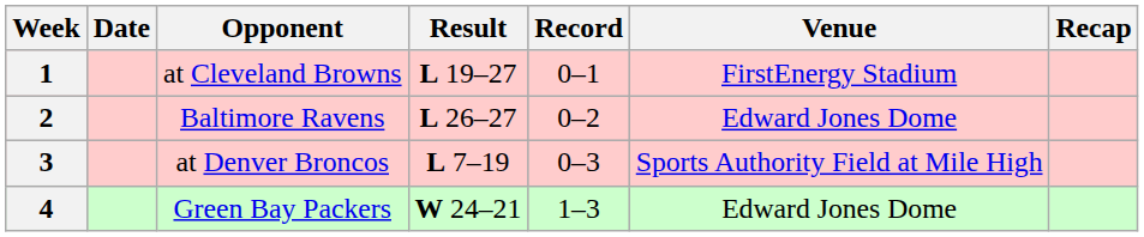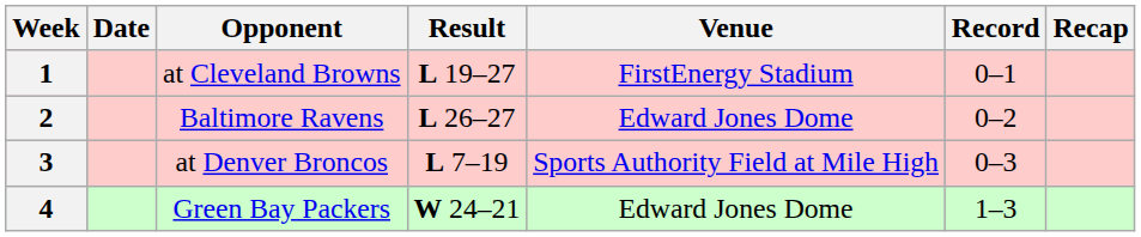 <table class="wikitable" style="text-align:center">
 <tr>
 <th>Week</th>
 <th>Date</th>
 <th>Opponent</th>
 <th>Result</th>
+<th>Venue</th>
 <th>Record</th>
-<th>Venue</th>
 <th>Recap</th>
 </tr>
 <tr style="background:#fcc">
 <th>1</th>
 <td></td>
 <td>at <a href='#'>Cleveland Browns</a></td>
 <td><strong>L</strong> 19–27</td>
+<td><a href='#'>FirstEnergy Stadium</a></td>
 <td>0–1</td>
-<td><a href='#'>FirstEnergy Stadium</a></td>
 <td></td>
 </tr>
 <tr style="background:#fcc">
 <th>2</th>
 <td></td>
 <td><a href='#'>Baltimore Ravens</a></td>
 <td><strong>L</strong> 26–27</td>
+<td><a href='#'>Edward Jones Dome</a></td>
 <td>0–2</td>
-<td><a href='#'>Edward Jones Dome</a></td>
 <td></td>
 </tr>
 <tr style="background:#fcc">
 <th>3</th>
 <td></td>
 <td>at <a href='#'>Denver Broncos</a></td>
 <td><strong>L</strong> 7–19</td>
+<td><a href='#'>Sports Authority Field at Mile High</a></td>
 <td>0–3</td>
-<td><a href='#'>Sports Authority Field at Mile High</a></td>
 <td></td>
 </tr>
 <tr style="background:#cfc">
 <th>4</th>
 <td></td>
 <td><a href='#'>Green Bay Packers</a></td>
 <td><strong>W</strong> 24–21</td>
+<td>Edward Jones Dome</td>
 <td>1–3</td>
-<td>Edward Jones Dome</td>
 <td></td>
 </tr>
 </table>
